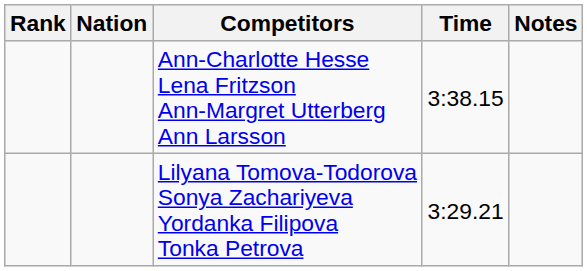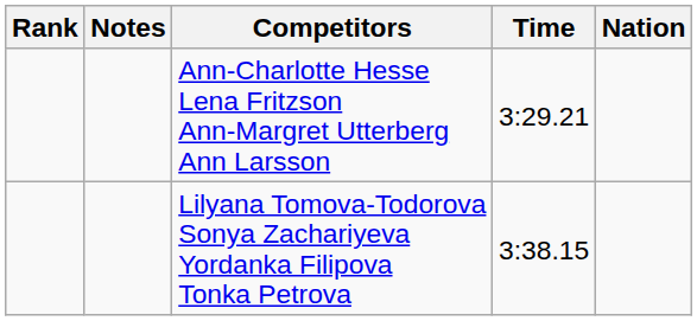 <table class="wikitable sortable" style="text-align:center; font-size:95%">
 <tr>
 <th>Rank</th>
-<th>Nation</th>
+<th>Notes</th>
 <th>Competitors</th>
 <th>Time</th>
-<th>Notes</th>
+<th>Nation</th>
 </tr>
 <tr>
 <td></td>
+<td></td>
+<td align=left><a href='#'>Ann-Charlotte Hesse</a><br><a href='#'>Lena Fritzson</a><br><a href='#'>Ann-Margret Utterberg</a><br><a href='#'>Ann Larsson</a></td>
+<td>3:29.21</td>
 <td align=left></td>
-<td align=left><a href='#'>Ann-Charlotte Hesse</a><br><a href='#'>Lena Fritzson</a><br><a href='#'>Ann-Margret Utterberg</a><br><a href='#'>Ann Larsson</a></td>
-<td>3:38.15</td>
-<td></td>
 </tr>
 <tr>
 <td></td>
+<td></td>
+<td align=left><a href='#'>Lilyana Tomova-Todorova</a><br><a href='#'>Sonya Zachariyeva</a><br><a href='#'>Yordanka Filipova</a><br><a href='#'>Tonka Petrova</a></td>
+<td>3:38.15</td>
 <td align=left></td>
-<td align=left><a href='#'>Lilyana Tomova-Todorova</a><br><a href='#'>Sonya Zachariyeva</a><br><a href='#'>Yordanka Filipova</a><br><a href='#'>Tonka Petrova</a></td>
-<td>3:29.21</td>
-<td></td>
 </tr>
 </table>
